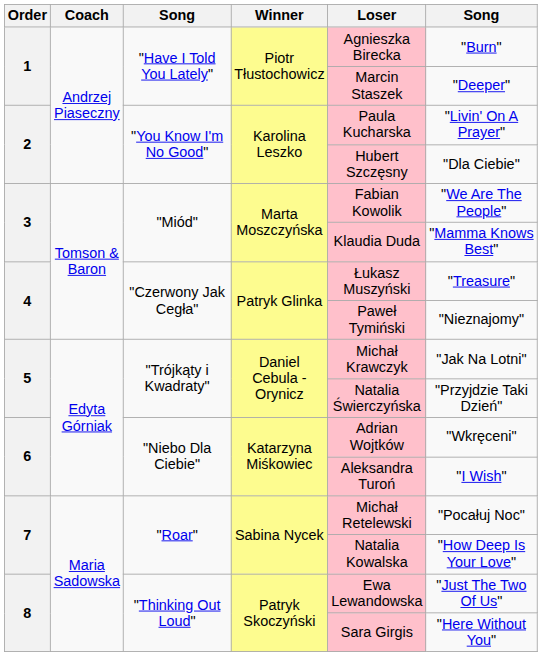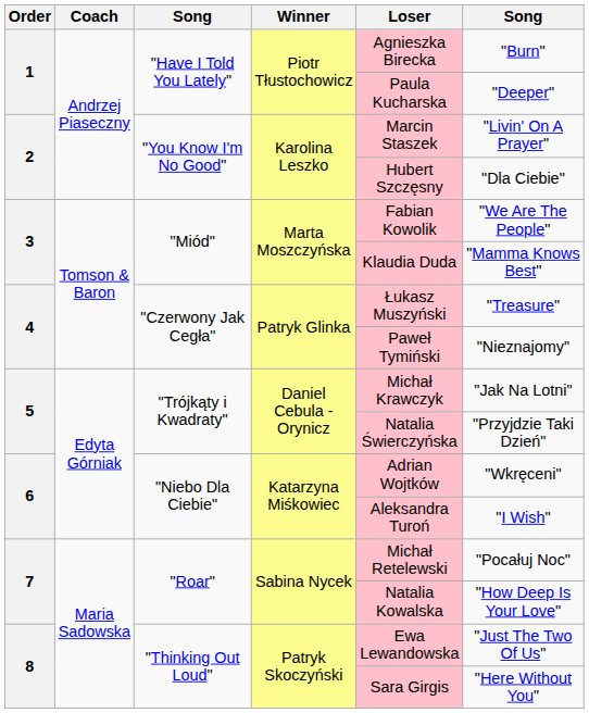 <table class="wikitable" style="text-align: center; width:95%;">
 <tr>
 <th style="width:05%;">Order</th>
 <th style="width:12%;">Coach</th>
 <th style="width:22%;">Song</th>
 <th style="width:17%;">Winner</th>
 <th style="width:17%;">Loser</th>
 <th style="width:22%;">Song</th>
 </tr>
 <tr>
 <th rowspan="2">1</th>
 <td rowspan="4"><a href='#'>Andrzej Piaseczny</a></td>
 <td rowspan="2">"<a href='#'>Have I Told You Lately</a>"</td>
 <td rowspan="2" style="background:#fdfc8f;">Piotr Tłustochowicz</td>
 <td style="background:pink;">Agnieszka Birecka</td>
 <td>"<a href='#'>Burn</a>"</td>
 </tr>
 <tr>
-<td style="background:pink;">Marcin Staszek</td>
+<td style="background:pink;">Paula Kucharska</td>
 <td>"<a href='#'>Deeper</a>"</td>
 </tr>
 <tr>
 <th rowspan="2">2</th>
 <td rowspan="2">"<a href='#'>You Know I'm No Good</a>"</td>
 <td rowspan="2" style="background:#fdfc8f;">Karolina Leszko</td>
-<td style="background:pink;">Paula Kucharska</td>
+<td style="background:pink;">Marcin Staszek</td>
 <td>"<a href='#'>Livin' On A Prayer</a>"</td>
 </tr>
 <tr>
 <td style="background:pink;">Hubert Szczęsny</td>
 <td>"Dla Ciebie"</td>
 </tr>
 <tr>
 <th rowspan="2">3</th>
 <td rowspan="4"><a href='#'>Tomson & Baron</a></td>
 <td rowspan="2">"Miód"</td>
 <td rowspan="2" style="background:#fdfc8f;">Marta Moszczyńska</td>
 <td style="background:pink;">Fabian Kowolik</td>
 <td>"<a href='#'>We Are The People</a>"</td>
 </tr>
 <tr>
 <td style="background:pink;">Klaudia Duda</td>
 <td>"<a href='#'>Mamma Knows Best</a>"</td>
 </tr>
 <tr>
 <th rowspan="2">4</th>
 <td rowspan="2">"Czerwony Jak Cegła"</td>
 <td rowspan="2" style="background:#fdfc8f;">Patryk Glinka</td>
 <td style="background:pink;">Łukasz Muszyński</td>
 <td>"<a href='#'>Treasure</a>"</td>
 </tr>
 <tr>
 <td style="background:pink;">Paweł Tymiński</td>
 <td>"Nieznajomy"</td>
 </tr>
 <tr>
 <th rowspan="2">5</th>
 <td rowspan="4"><a href='#'>Edyta Górniak</a></td>
 <td rowspan="2">"Trójkąty i Kwadraty"</td>
 <td rowspan="2" style="background:#fdfc8f;">Daniel Cebula - Orynicz</td>
 <td style="background:pink;">Michał Krawczyk</td>
 <td>"Jak Na Lotni"</td>
 </tr>
 <tr>
 <td style="background:pink;">Natalia Świerczyńska</td>
 <td>"Przyjdzie Taki Dzień"</td>
 </tr>
 <tr>
 <th rowspan="2">6</th>
 <td rowspan="2">"Niebo Dla Ciebie"</td>
 <td rowspan="2" style="background:#fdfc8f;">Katarzyna Miśkowiec</td>
 <td style="background:pink;">Adrian Wojtków</td>
 <td>"Wkręceni"</td>
 </tr>
 <tr>
 <td style="background:pink;">Aleksandra Turoń</td>
 <td>"<a href='#'>I Wish</a>"</td>
 </tr>
 <tr>
 <th rowspan="2">7</th>
 <td rowspan="4"><a href='#'>Maria Sadowska</a></td>
 <td rowspan="2">"<a href='#'>Roar</a>"</td>
 <td rowspan="2" style="background:#fdfc8f;">Sabina Nycek</td>
 <td style="background:pink;">Michał Retelewski</td>
 <td>"Pocałuj Noc"</td>
 </tr>
 <tr>
 <td style="background:pink;">Natalia Kowalska</td>
 <td>"<a href='#'>How Deep Is Your Love</a>"</td>
 </tr>
 <tr>
 <th rowspan="2">8</th>
 <td rowspan="2">"<a href='#'>Thinking Out Loud</a>"</td>
 <td rowspan="2" style="background:#fdfc8f;">Patryk Skoczyński</td>
 <td style="background:pink;">Ewa Lewandowska</td>
 <td>"<a href='#'>Just The Two Of Us</a>"</td>
 </tr>
 <tr>
 <td style="background:pink;">Sara Girgis</td>
 <td>"<a href='#'>Here Without You</a>"</td>
 </tr>
 </table>
